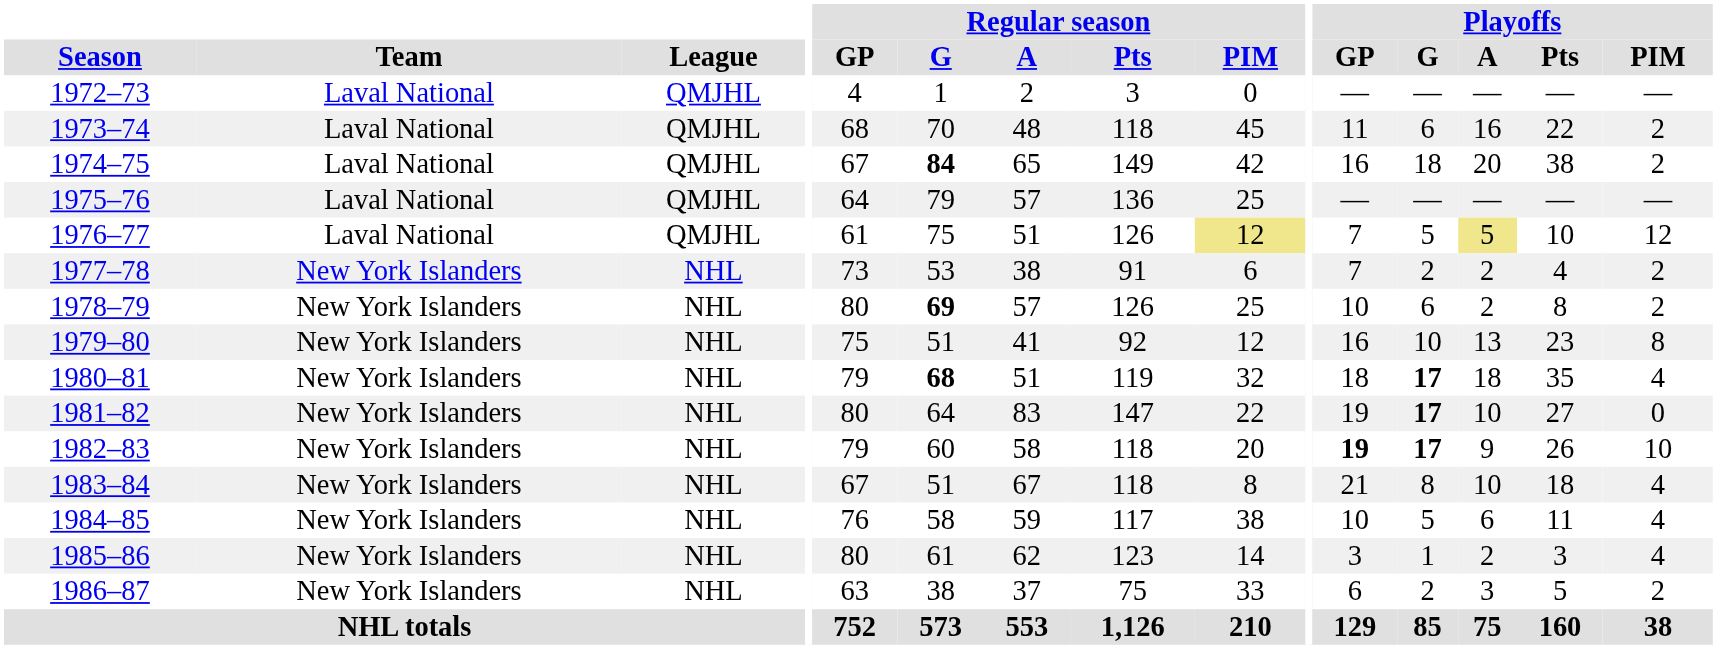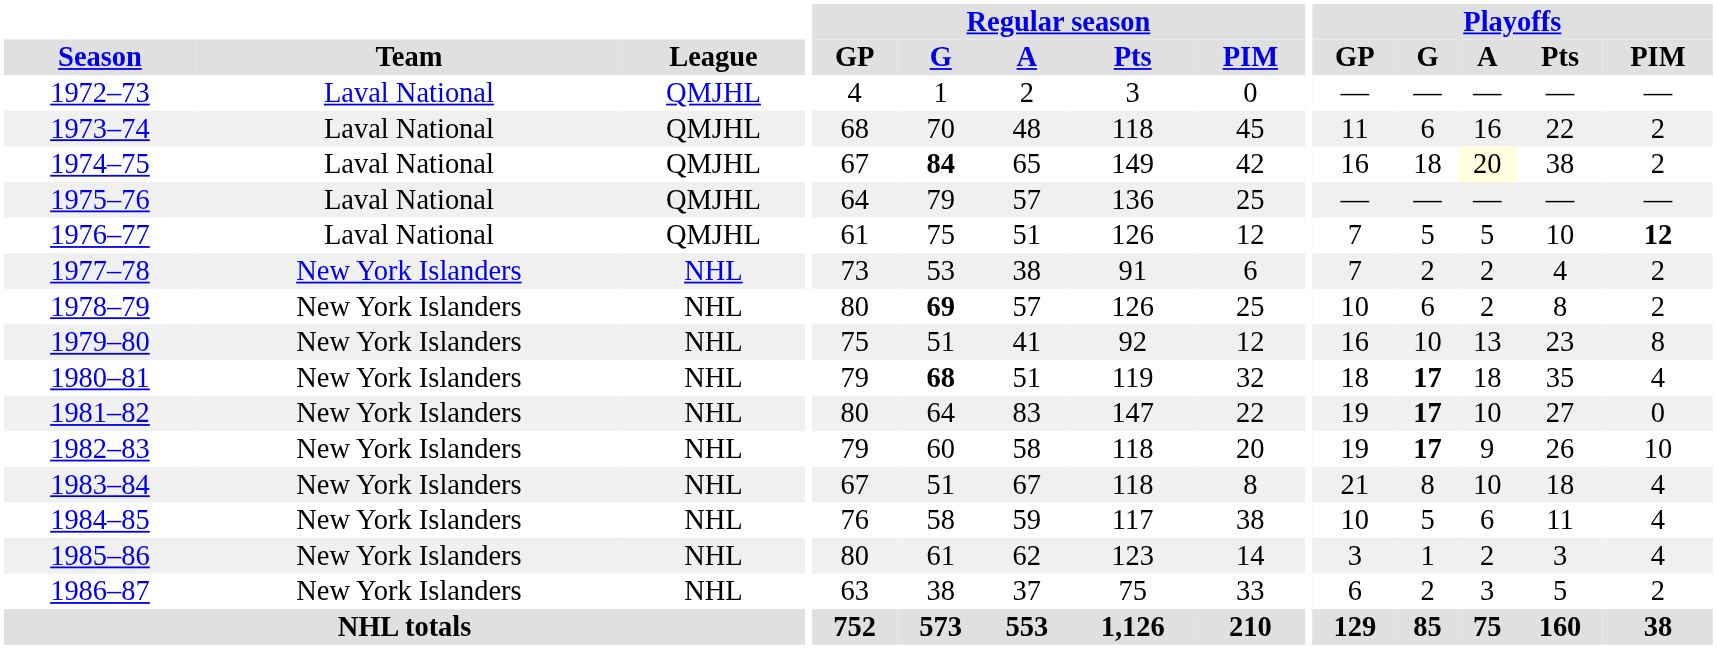 <table border="0" cellpadding="1" cellspacing="0" style="text-align:center; width:60em">
 <tr style="background:#e0e0e0;">
 <th colspan="3" style="background:#fff;"></th>
 <th rowspan="100" style="background:#fff;"></th>
 <th colspan="5"><a href='#'>Regular season</a></th>
 <th rowspan="100" style="background:#fff;"></th>
 <th colspan="5"><a href='#'>Playoffs</a></th>
 </tr>
 <tr style="background:#e0e0e0;">
 <th><a href='#'>Season</a></th>
 <th>Team</th>
 <th>League</th>
 <th>GP</th>
 <th><a href='#'>G</a></th>
 <th><a href='#'>A</a></th>
 <th><a href='#'>Pts</a></th>
 <th><a href='#'>PIM</a></th>
 <th>GP</th>
 <th>G</th>
 <th>A</th>
 <th>Pts</th>
 <th>PIM</th>
 </tr>
 <tr>
 <td><a href='#'>1972–73</a></td>
 <td><a href='#'>Laval National</a></td>
 <td><a href='#'>QMJHL</a></td>
 <td>4</td>
 <td>1</td>
 <td>2</td>
 <td>3</td>
 <td>0</td>
 <td>—</td>
 <td>—</td>
 <td>—</td>
 <td>—</td>
 <td>—</td>
 </tr>
 <tr bgcolor="#f0f0f0">
 <td><a href='#'>1973–74</a></td>
 <td>Laval National</td>
 <td>QMJHL</td>
 <td>68</td>
 <td>70</td>
 <td>48</td>
 <td>118</td>
 <td>45</td>
 <td>11</td>
 <td>6</td>
 <td>16</td>
 <td>22</td>
 <td>2</td>
 </tr>
 <tr>
 <td><a href='#'>1974–75</a></td>
 <td>Laval National</td>
 <td>QMJHL</td>
 <td>67</td>
 <td><strong>84</strong></td>
 <td>65</td>
 <td>149</td>
 <td>42</td>
 <td>16</td>
 <td>18</td>
-<td>20</td>
+<td style="background: lightyellow;">20</td>
 <td>38</td>
 <td>2</td>
 </tr>
 <tr bgcolor="#f0f0f0">
 <td><a href='#'>1975–76</a></td>
 <td>Laval National</td>
 <td>QMJHL</td>
 <td>64</td>
 <td>79</td>
 <td>57</td>
 <td>136</td>
 <td>25</td>
 <td>—</td>
 <td>—</td>
 <td>—</td>
 <td>—</td>
 <td>—</td>
 </tr>
 <tr>
 <td><a href='#'>1976–77</a></td>
 <td>Laval National</td>
 <td>QMJHL</td>
 <td>61</td>
 <td>75</td>
 <td>51</td>
 <td>126</td>
-<td style="background: khaki;">12</td>
+<td>12</td>
 <td>7</td>
 <td>5</td>
-<td style="background: khaki;">5</td>
+<td>5</td>
 <td>10</td>
-<td>12</td>
+<td><strong>12</strong></td>
 </tr>
 <tr bgcolor="#f0f0f0">
 <td><a href='#'>1977–78</a></td>
 <td><a href='#'>New York Islanders</a></td>
 <td><a href='#'>NHL</a></td>
 <td>73</td>
 <td>53</td>
 <td>38</td>
 <td>91</td>
 <td>6</td>
 <td>7</td>
 <td>2</td>
 <td>2</td>
 <td>4</td>
 <td>2</td>
 </tr>
 <tr>
 <td><a href='#'>1978–79</a></td>
 <td>New York Islanders</td>
 <td>NHL</td>
 <td>80</td>
 <td><strong>69</strong></td>
 <td>57</td>
 <td>126</td>
 <td>25</td>
 <td>10</td>
 <td>6</td>
 <td>2</td>
 <td>8</td>
 <td>2</td>
 </tr>
 <tr bgcolor="#f0f0f0">
 <td><a href='#'>1979–80</a></td>
 <td>New York Islanders</td>
 <td>NHL</td>
 <td>75</td>
 <td>51</td>
 <td>41</td>
 <td>92</td>
 <td>12</td>
 <td>16</td>
 <td>10</td>
 <td>13</td>
 <td>23</td>
 <td>8</td>
 </tr>
 <tr>
 <td><a href='#'>1980–81</a></td>
 <td>New York Islanders</td>
 <td>NHL</td>
 <td>79</td>
 <td><strong>68</strong></td>
 <td>51</td>
 <td>119</td>
 <td>32</td>
 <td>18</td>
 <td><strong>17</strong></td>
 <td>18</td>
 <td>35</td>
 <td>4</td>
 </tr>
 <tr bgcolor="#f0f0f0">
 <td><a href='#'>1981–82</a></td>
 <td>New York Islanders</td>
 <td>NHL</td>
 <td>80</td>
 <td>64</td>
 <td>83</td>
 <td>147</td>
 <td>22</td>
 <td>19</td>
 <td><strong>17</strong></td>
 <td>10</td>
 <td>27</td>
 <td>0</td>
 </tr>
 <tr>
 <td><a href='#'>1982–83</a></td>
 <td>New York Islanders</td>
 <td>NHL</td>
 <td>79</td>
 <td>60</td>
 <td>58</td>
 <td>118</td>
 <td>20</td>
-<td><strong>19</strong></td>
+<td>19</td>
 <td><strong>17</strong></td>
 <td>9</td>
 <td>26</td>
 <td>10</td>
 </tr>
 <tr bgcolor="#f0f0f0">
 <td><a href='#'>1983–84</a></td>
 <td>New York Islanders</td>
 <td>NHL</td>
 <td>67</td>
 <td>51</td>
 <td>67</td>
 <td>118</td>
 <td>8</td>
 <td>21</td>
 <td>8</td>
 <td>10</td>
 <td>18</td>
 <td>4</td>
 </tr>
 <tr>
 <td><a href='#'>1984–85</a></td>
 <td>New York Islanders</td>
 <td>NHL</td>
 <td>76</td>
 <td>58</td>
 <td>59</td>
 <td>117</td>
 <td>38</td>
 <td>10</td>
 <td>5</td>
 <td>6</td>
 <td>11</td>
 <td>4</td>
 </tr>
 <tr bgcolor="#f0f0f0">
 <td><a href='#'>1985–86</a></td>
 <td>New York Islanders</td>
 <td>NHL</td>
 <td>80</td>
 <td>61</td>
 <td>62</td>
 <td>123</td>
 <td>14</td>
 <td>3</td>
 <td>1</td>
 <td>2</td>
 <td>3</td>
 <td>4</td>
 </tr>
 <tr>
 <td><a href='#'>1986–87</a></td>
 <td>New York Islanders</td>
 <td>NHL</td>
 <td>63</td>
 <td>38</td>
 <td>37</td>
 <td>75</td>
 <td>33</td>
 <td>6</td>
 <td>2</td>
 <td>3</td>
 <td>5</td>
 <td>2</td>
 </tr>
 <tr bgcolor="#e0e0e0">
 <th colspan="3">NHL totals</th>
 <th>752</th>
 <th>573</th>
 <th>553</th>
 <th>1,126</th>
 <th>210</th>
 <th>129</th>
 <th>85</th>
 <th>75</th>
 <th>160</th>
 <th>38</th>
 </tr>
 </table>
